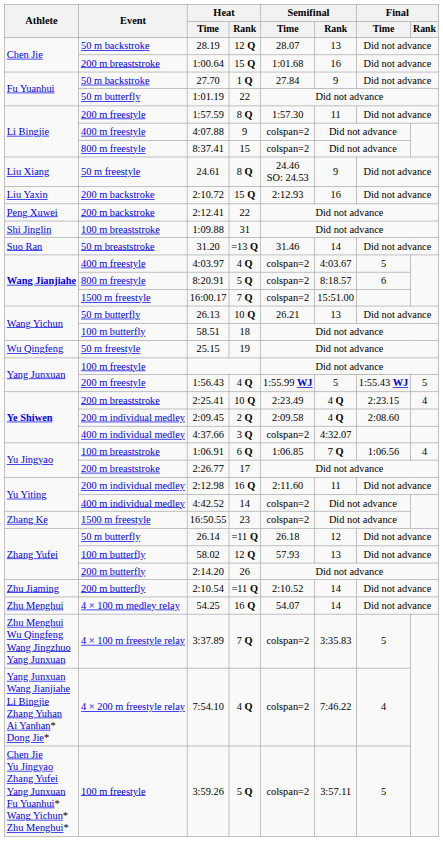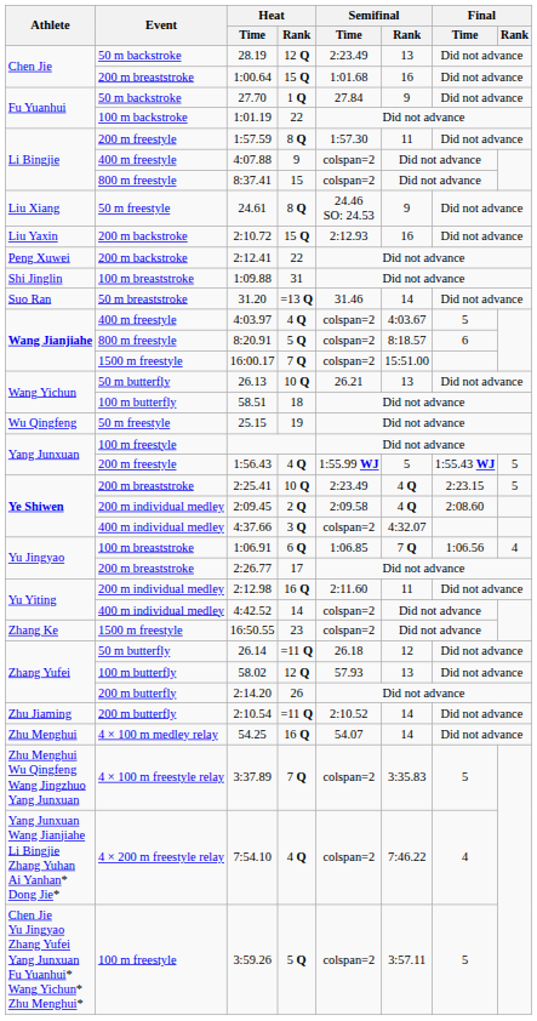 <table class="wikitable" style="text-align:center; font-size:90%">
 <tr>
 <th rowspan="2">Athlete</th>
 <th rowspan="2">Event</th>
 <th colspan="2">Heat</th>
 <th colspan="2">Semifinal</th>
 <th colspan="2">Final</th>
 </tr>
 <tr style="font-size:95%">
 <th>Time</th>
 <th>Rank</th>
 <th>Time</th>
 <th>Rank</th>
 <th>Time</th>
 <th>Rank</th>
 </tr>
 <tr>
 <td align=left rowspan=2><a href='#'>Chen Jie</a></td>
 <td align=left><a href='#'>50 m backstroke</a></td>
 <td>28.19</td>
 <td>12 <strong>Q</strong></td>
-<td>28.07</td>
+<td>2:23.49</td>
 <td>13</td>
 <td colspan="2">Did not advance</td>
 </tr>
 <tr>
 <td align=left><a href='#'>200 m breaststroke</a></td>
 <td>1:00.64</td>
 <td>15 <strong>Q</strong></td>
 <td>1:01.68</td>
 <td>16</td>
 <td colspan="2">Did not advance</td>
 </tr>
 <tr>
 <td align=left rowspan=2><a href='#'>Fu Yuanhui</a></td>
 <td align=left><a href='#'>50 m backstroke</a></td>
 <td>27.70</td>
 <td>1 <strong>Q</strong></td>
 <td>27.84</td>
 <td>9</td>
 <td colspan="2">Did not advance</td>
 </tr>
 <tr>
-<td align=left><a href='#'>50 m butterfly</a></td>
+<td align=left><a href='#'>100 m backstroke</a></td>
 <td>1:01.19</td>
 <td>22</td>
 <td colspan="4">Did not advance</td>
 </tr>
 <tr>
 <td align=left rowspan=3><a href='#'>Li Bingjie</a></td>
 <td align=left><a href='#'>200 m freestyle</a></td>
 <td>1:57.59</td>
 <td>8 <strong>Q</strong></td>
 <td>1:57.30</td>
 <td>11</td>
 <td colspan="2">Did not advance</td>
 </tr>
 <tr>
 <td align=left><a href='#'>400 m freestyle</a></td>
 <td>4:07.88</td>
 <td>9</td>
 <td>colspan=2</td>
 <td colspan="2">Did not advance</td>
 </tr>
 <tr>
 <td align=left><a href='#'>800 m freestyle</a></td>
 <td>8:37.41</td>
 <td>15</td>
 <td>colspan=2</td>
 <td colspan="2">Did not advance</td>
 </tr>
 <tr>
 <td align=left><a href='#'>Liu Xiang</a></td>
 <td align=left><a href='#'>50 m freestyle</a></td>
 <td>24.61</td>
 <td>8 <strong>Q</strong></td>
 <td>24.46<br>SO: 24.53</td>
 <td>9</td>
 <td colspan="2">Did not advance</td>
 </tr>
 <tr>
 <td align=left><a href='#'>Liu Yaxin</a></td>
 <td align=left><a href='#'>200 m backstroke</a></td>
 <td>2:10.72</td>
 <td>15 <strong>Q</strong></td>
 <td>2:12.93</td>
 <td>16</td>
 <td colspan="2">Did not advance</td>
 </tr>
 <tr>
 <td align=left><a href='#'>Peng Xuwei</a></td>
 <td align=left><a href='#'>200 m backstroke</a></td>
 <td>2:12.41</td>
 <td>22</td>
 <td colspan="4">Did not advance</td>
 </tr>
 <tr>
 <td align=left><a href='#'>Shi Jinglin</a></td>
 <td align=left><a href='#'>100 m breaststroke</a></td>
 <td>1:09.88</td>
 <td>31</td>
 <td colspan="4">Did not advance</td>
 </tr>
 <tr>
 <td align=left><a href='#'>Suo Ran</a></td>
 <td align=left><a href='#'>50 m breaststroke</a></td>
 <td>31.20</td>
 <td>=13 <strong>Q</strong></td>
 <td>31.46</td>
 <td>14</td>
 <td colspan="2">Did not advance</td>
 </tr>
 <tr>
 <td align=left rowspan=3><strong><a href='#'>Wang Jianjiahe</a></strong></td>
 <td align=left><a href='#'>400 m freestyle</a></td>
 <td>4:03.97</td>
 <td>4 <strong>Q</strong></td>
 <td>colspan=2</td>
 <td>4:03.67</td>
 <td>5</td>
 </tr>
 <tr>
 <td align=left><a href='#'>800 m freestyle</a></td>
 <td>8:20.91</td>
 <td>5 <strong>Q</strong></td>
 <td>colspan=2</td>
 <td>8:18.57</td>
 <td>6</td>
 </tr>
 <tr>
 <td align=left><a href='#'>1500 m freestyle</a></td>
 <td>16:00.17</td>
 <td>7 <strong>Q</strong></td>
 <td>colspan=2</td>
 <td>15:51.00</td>
 <td></td>
 </tr>
 <tr>
 <td align=left rowspan=2><a href='#'>Wang Yichun</a></td>
 <td align=left><a href='#'>50 m butterfly</a></td>
 <td>26.13</td>
 <td>10 <strong>Q</strong></td>
 <td>26.21</td>
 <td>13</td>
 <td colspan="2">Did not advance</td>
 </tr>
 <tr>
 <td align=left><a href='#'>100 m butterfly</a></td>
 <td>58.51</td>
 <td>18</td>
 <td colspan="4">Did not advance</td>
 </tr>
 <tr>
 <td align=left><a href='#'>Wu Qingfeng</a></td>
 <td align=left><a href='#'>50 m freestyle</a></td>
 <td>25.15</td>
 <td>19</td>
 <td colspan="4">Did not advance</td>
 </tr>
 <tr>
 <td align=left rowspan=2><a href='#'>Yang Junxuan</a></td>
 <td align=left><a href='#'>100 m freestyle</a></td>
 <td colspan=2></td>
 <td colspan=4>Did not advance</td>
 </tr>
 <tr>
 <td align=left><a href='#'>200 m freestyle</a></td>
 <td>1:56.43</td>
 <td>4 <strong>Q</strong></td>
 <td>1:55.99 <strong><a href='#'>WJ</a></strong></td>
 <td>5</td>
 <td>1:55.43 <strong><a href='#'>WJ</a></strong></td>
 <td>5</td>
 </tr>
 <tr>
 <td align=left rowspan=3><strong><a href='#'>Ye Shiwen</a></strong></td>
 <td align=left><a href='#'>200 m breaststroke</a></td>
 <td>2:25.41</td>
 <td>10 <strong>Q</strong></td>
 <td>2:23.49</td>
 <td>4 <strong>Q</strong></td>
 <td>2:23.15</td>
-<td>4</td>
+<td>5</td>
 </tr>
 <tr>
 <td align=left><a href='#'>200 m individual medley</a></td>
 <td>2:09.45</td>
 <td>2 <strong>Q</strong></td>
 <td>2:09.58</td>
 <td>4 <strong>Q</strong></td>
 <td>2:08.60</td>
 <td></td>
 </tr>
 <tr>
 <td align=left><a href='#'>400 m individual medley</a></td>
 <td>4:37.66</td>
 <td>3 <strong>Q</strong></td>
 <td>colspan=2</td>
 <td>4:32.07</td>
 <td></td>
 </tr>
 <tr>
 <td align=left rowspan=2><a href='#'>Yu Jingyao</a></td>
 <td align=left><a href='#'>100 m breaststroke</a></td>
 <td>1:06.91</td>
 <td>6 <strong>Q</strong></td>
 <td>1:06.85</td>
 <td>7 <strong>Q</strong></td>
 <td>1:06.56</td>
 <td>4</td>
 </tr>
 <tr>
 <td align=left><a href='#'>200 m breaststroke</a></td>
 <td>2:26.77</td>
 <td>17</td>
 <td colspan="4">Did not advance</td>
 </tr>
 <tr>
 <td align=left rowspan=2><a href='#'>Yu Yiting</a></td>
 <td align=left><a href='#'>200 m individual medley</a></td>
 <td>2:12.98</td>
 <td>16 <strong>Q</strong></td>
 <td>2:11.60</td>
 <td>11</td>
 <td colspan="2">Did not advance</td>
 </tr>
 <tr>
 <td align=left><a href='#'>400 m individual medley</a></td>
 <td>4:42.52</td>
 <td>14</td>
 <td>colspan=2</td>
 <td colspan="2">Did not advance</td>
 </tr>
 <tr>
 <td align=left><a href='#'>Zhang Ke</a></td>
 <td align=left><a href='#'>1500 m freestyle</a></td>
 <td>16:50.55</td>
 <td>23</td>
 <td>colspan=2</td>
 <td colspan="2">Did not advance</td>
 </tr>
 <tr>
 <td align=left rowspan=3><a href='#'>Zhang Yufei</a></td>
 <td align=left><a href='#'>50 m butterfly</a></td>
 <td>26.14</td>
 <td>=11 <strong>Q</strong></td>
 <td>26.18</td>
 <td>12</td>
 <td colspan="2">Did not advance</td>
 </tr>
 <tr>
 <td align=left><a href='#'>100 m butterfly</a></td>
 <td>58.02</td>
 <td>12 <strong>Q</strong></td>
 <td>57.93</td>
 <td>13</td>
 <td colspan="2">Did not advance</td>
 </tr>
 <tr>
 <td align=left><a href='#'>200 m butterfly</a></td>
 <td>2:14.20</td>
 <td>26</td>
 <td colspan="4">Did not advance</td>
 </tr>
 <tr>
 <td align=left><a href='#'>Zhu Jiaming</a></td>
 <td align=left><a href='#'>200 m butterfly</a></td>
 <td>2:10.54</td>
 <td>=11 <strong>Q</strong></td>
 <td>2:10.52</td>
 <td>14</td>
 <td colspan="2">Did not advance</td>
 </tr>
 <tr>
 <td align=left><a href='#'>Zhu Menghui</a></td>
 <td align=left><a href='#'>4 × 100 m medley relay</a></td>
 <td>54.25</td>
 <td>16 <strong>Q</strong></td>
 <td>54.07</td>
 <td>14</td>
 <td colspan="2">Did not advance</td>
 </tr>
 <tr align=center>
 <td align=left><a href='#'>Zhu Menghui</a><br><a href='#'>Wu Qingfeng</a><br><a href='#'>Wang Jingzhuo</a><br><a href='#'>Yang Junxuan</a></td>
 <td align=left><a href='#'>4 × 100 m freestyle relay</a></td>
 <td>3:37.89</td>
 <td>7 <strong>Q</strong></td>
 <td>colspan=2 </td>
 <td>3:35.83</td>
 <td>5</td>
 </tr>
 <tr align=center>
 <td align=left><a href='#'>Yang Junxuan</a><br><a href='#'>Wang Jianjiahe</a><br><a href='#'>Li Bingjie</a><br><a href='#'>Zhang Yuhan</a><br><a href='#'>Ai Yanhan</a>*<br><a href='#'>Dong Jie</a>*</td>
 <td align=left><a href='#'>4 × 200 m freestyle relay</a></td>
 <td>7:54.10</td>
 <td>4 <strong>Q</strong></td>
 <td>colspan=2 </td>
 <td>7:46.22</td>
 <td>4</td>
 </tr>
 <tr align=center>
 <td align=left><a href='#'>Chen Jie</a><br><a href='#'>Yu Jingyao</a><br><a href='#'>Zhang Yufei</a><br><a href='#'>Yang Junxuan</a><br><a href='#'>Fu Yuanhui</a>*<br><a href='#'>Wang Yichun</a>*<br><a href='#'>Zhu Menghui</a>*</td>
 <td align=left><a href='#'>100 m freestyle</a></td>
 <td>3:59.26</td>
 <td>5 <strong>Q</strong></td>
 <td>colspan=2 </td>
 <td>3:57.11</td>
 <td>5</td>
 </tr>
 </table>
